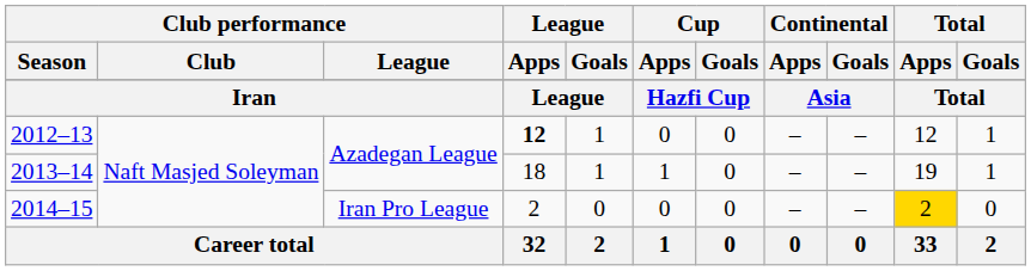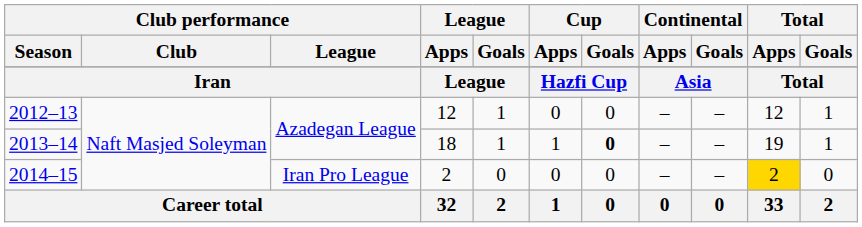 <table class="wikitable" style="text-align:center">
 <tr>
 <th colspan=3>Club performance</th>
 <th colspan=2>League</th>
 <th colspan=2>Cup</th>
 <th colspan=2>Continental</th>
 <th colspan=2>Total</th>
 </tr>
 <tr>
 <th>Season</th>
 <th>Club</th>
 <th>League</th>
 <th>Apps</th>
 <th>Goals</th>
 <th>Apps</th>
 <th>Goals</th>
 <th>Apps</th>
 <th>Goals</th>
 <th>Apps</th>
 <th>Goals</th>
 </tr>
 <tr>
 </tr>
 <tr>
 <th colspan=3>Iran</th>
 <th colspan=2>League</th>
 <th colspan=2><a href='#'>Hazfi Cup</a></th>
 <th colspan=2><a href='#'>Asia</a></th>
 <th colspan=2>Total</th>
 </tr>
 <tr>
 <td><a href='#'>2012–13</a></td>
 <td rowspan="3"><a href='#'>Naft Masjed Soleyman</a></td>
 <td rowspan="2"><a href='#'>Azadegan League</a></td>
-<td><strong>12</strong></td>
+<td>12</td>
 <td>1</td>
 <td>0</td>
 <td>0</td>
 <td>–</td>
 <td>–</td>
 <td>12</td>
 <td>1</td>
 </tr>
 <tr>
 <td><a href='#'>2013–14</a></td>
 <td>18</td>
 <td>1</td>
 <td>1</td>
-<td>0</td>
+<td><strong>0</strong></td>
 <td>–</td>
 <td>–</td>
 <td>19</td>
 <td>1</td>
 </tr>
 <tr>
 <td><a href='#'>2014–15</a></td>
 <td rowspan="1"><a href='#'>Iran Pro League</a></td>
 <td>2</td>
 <td>0</td>
 <td>0</td>
 <td>0</td>
 <td>–</td>
 <td>–</td>
 <td style="background: gold;">2</td>
 <td>0</td>
 </tr>
 <tr>
 <th colspan=3>Career total</th>
 <th>32</th>
 <th>2</th>
 <th>1</th>
 <th>0</th>
 <th>0</th>
 <th>0</th>
 <th>33</th>
 <th>2</th>
 </tr>
 </table>
